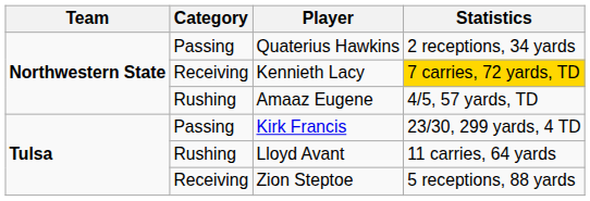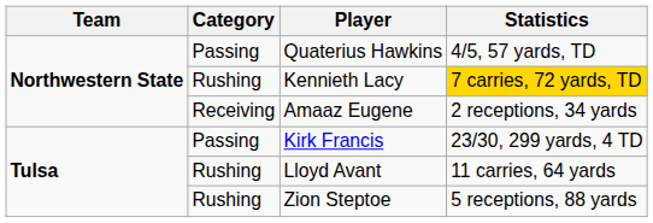 <table class="wikitable" style="float: right;">
 <tr>
 <th>Team</th>
 <th>Category</th>
 <th>Player</th>
 <th>Statistics</th>
 </tr>
 <tr>
 <td rowspan=3><strong>Northwestern State</strong></td>
 <td>Passing</td>
 <td>Quaterius Hawkins</td>
-<td>2 receptions, 34 yards</td>
+<td>4/5, 57 yards, TD</td>
 </tr>
 <tr>
-<td>Receiving</td>
+<td>Rushing</td>
 <td>Kennieth Lacy</td>
 <td style="background: gold;">7 carries, 72 yards, TD</td>
 </tr>
 <tr>
-<td>Rushing</td>
+<td>Receiving</td>
 <td>Amaaz Eugene</td>
-<td>4/5, 57 yards, TD</td>
+<td>2 receptions, 34 yards</td>
 </tr>
 <tr>
 <td rowspan=3><strong>Tulsa</strong></td>
 <td>Passing</td>
 <td><a href='#'>Kirk Francis</a></td>
 <td>23/30, 299 yards, 4 TD</td>
 </tr>
 <tr>
 <td>Rushing</td>
 <td>Lloyd Avant</td>
 <td>11 carries, 64 yards</td>
 </tr>
 <tr>
-<td>Receiving</td>
+<td>Rushing</td>
 <td>Zion Steptoe</td>
 <td>5 receptions, 88 yards</td>
 </tr>
 </table>
